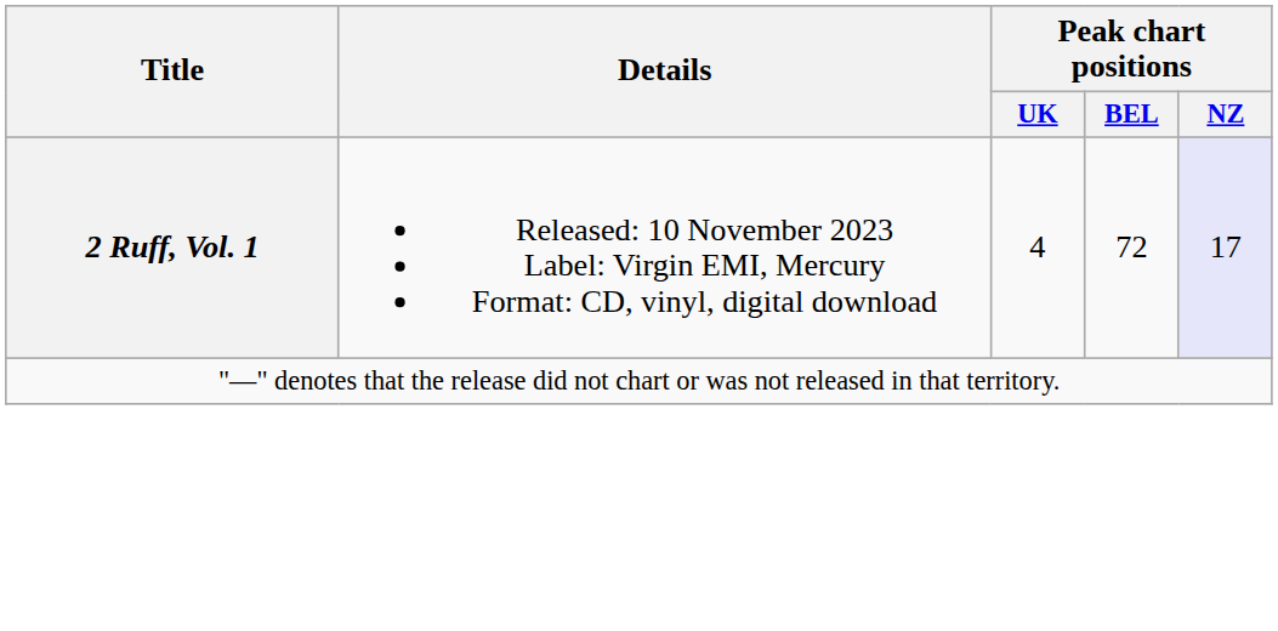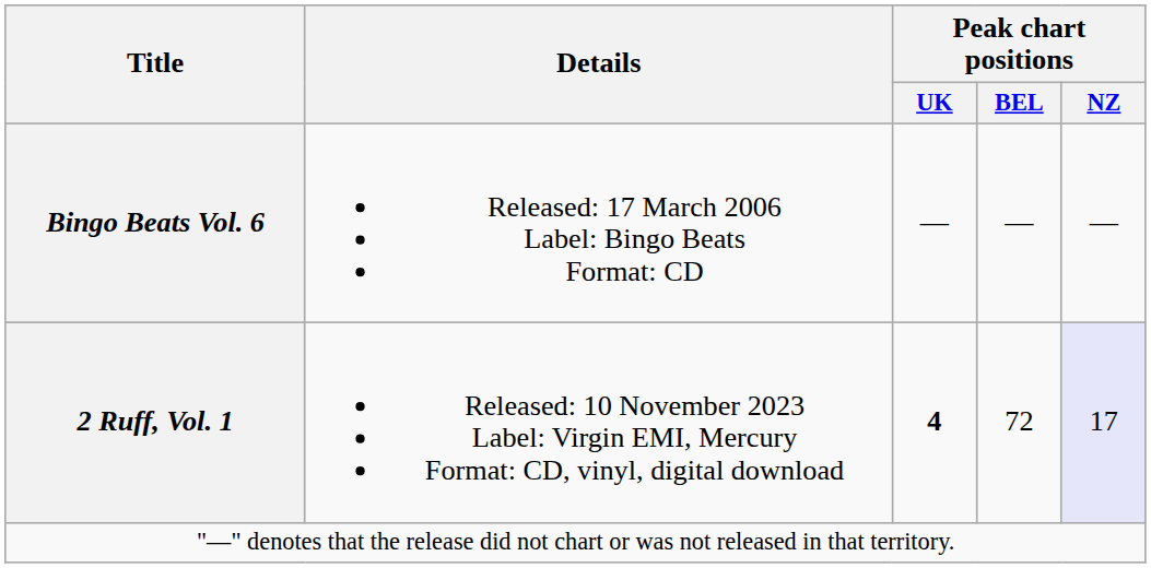 <table class="wikitable plainrowheaders" style="text-align:center;">
 <tr>
 <th scope="col" rowspan="2" style="width:10em;">Title</th>
 <th scope="col" rowspan="2" style="width:20em;">Details</th>
 <th scope="col" colspan="3">Peak chart positions</th>
 </tr>
 <tr>
 <th scope="col" style="width:3em;font-size:85%;"><a href='#'>UK</a><br></th>
 <th scope="col" style="width:3em;font-size:85%;"><a href='#'>BEL</a><br></th>
 <th scope="col" style="width:3em;font-size:85%;"><a href='#'>NZ</a><br></th>
 </tr>
 <tr>
+<th scope="row"><em>Bingo Beats Vol. 6</em></th>
+<td><br><ul><li>Released: 17 March 2006</li><li>Label: Bingo Beats</li><li>Format: CD</li></ul></td>
+<td>—</td>
+<td>—</td>
+<td>—</td>
+</tr>
+<tr>
 <th scope="row"><em>2 Ruff, Vol. 1</em></th>
 <td><br><ul><li>Released: 10 November 2023</li><li>Label: Virgin EMI, Mercury</li><li>Format: CD, vinyl, digital download</li></ul></td>
-<td>4</td>
+<td><strong>4</strong></td>
 <td>72</td>
 <td style="background: lavender;">17</td>
 </tr>
 <tr>
 <td colspan="5" style="font-size:85%">"—" denotes that the release did not chart or was not released in that territory.</td>
 </tr>
 </table>
